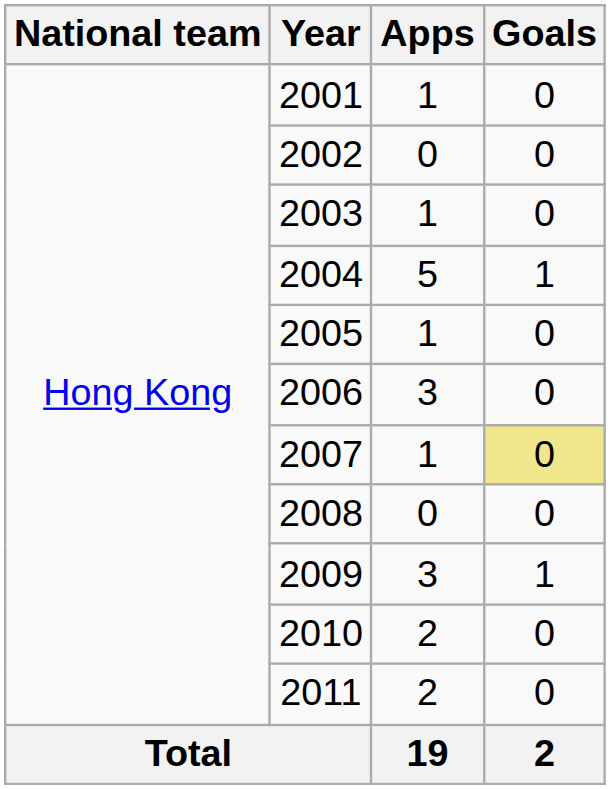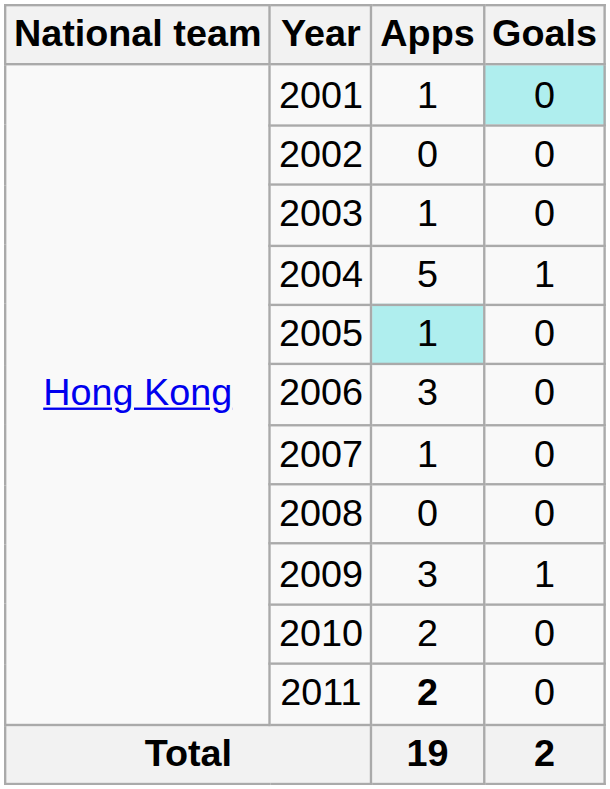 <table class="wikitable" style="text-align:center">
 <tr>
 <th>National team</th>
 <th>Year</th>
 <th>Apps</th>
 <th>Goals</th>
 </tr>
 <tr>
 <td rowspan="11"><a href='#'>Hong Kong</a></td>
 <td>2001</td>
 <td>1</td>
-<td>0</td>
+<td style="background: paleturquoise;">0</td>
 </tr>
 <tr>
 <td>2002</td>
 <td>0</td>
 <td>0</td>
 </tr>
 <tr>
 <td>2003</td>
 <td>1</td>
 <td>0</td>
 </tr>
 <tr>
 <td>2004</td>
 <td>5</td>
 <td>1</td>
 </tr>
 <tr>
 <td>2005</td>
-<td>1</td>
+<td style="background: paleturquoise;">1</td>
 <td>0</td>
 </tr>
 <tr>
 <td>2006</td>
 <td>3</td>
 <td>0</td>
 </tr>
 <tr>
 <td>2007</td>
 <td>1</td>
-<td style="background: khaki;">0</td>
+<td>0</td>
 </tr>
 <tr>
 <td>2008</td>
 <td>0</td>
 <td>0</td>
 </tr>
 <tr>
 <td>2009</td>
 <td>3</td>
 <td>1</td>
 </tr>
 <tr>
 <td>2010</td>
 <td>2</td>
 <td>0</td>
 </tr>
 <tr>
 <td>2011</td>
-<td>2</td>
+<td><strong>2</strong></td>
 <td>0</td>
 </tr>
 <tr>
 <th colspan=2>Total</th>
 <th>19</th>
 <th>2</th>
 </tr>
 </table>
